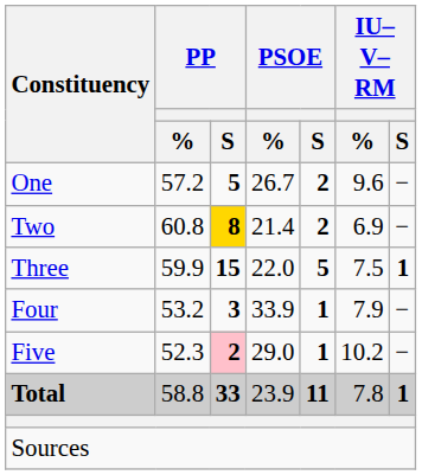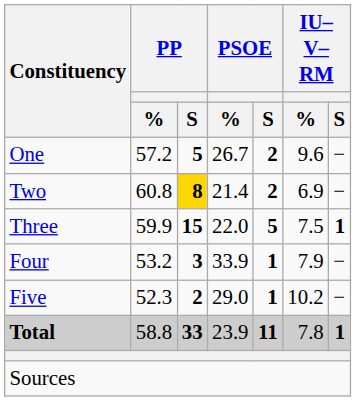 <table class="wikitable sortable" style="text-align:right; line-height:20px;">
 <tr>
 <th rowspan="3">Constituency</th>
 <th colspan="2" width="30px" class="unsortable"><a href='#'>PP</a></th>
 <th colspan="2" width="30px" class="unsortable"><a href='#'>PSOE</a></th>
 <th colspan="2" width="30px" class="unsortable"><a href='#'>IU–V–RM</a></th>
 </tr>
 <tr>
 <th colspan="2" style="background:"></th>
 <th colspan="2" style="background:"></th>
 <th colspan="2" style="background:"></th>
 </tr>
 <tr>
 <th data-sort-type="number">%</th>
 <th data-sort-type="number">S</th>
 <th data-sort-type="number">%</th>
 <th data-sort-type="number">S</th>
 <th data-sort-type="number">%</th>
 <th data-sort-type="number">S</th>
 </tr>
 <tr>
 <td align="left"><a href='#'>One</a></td>
 <td style="background:">57.2</td>
 <td><strong>5</strong></td>
 <td>26.7</td>
 <td><strong>2</strong></td>
 <td>9.6</td>
 <td>−</td>
 </tr>
 <tr>
 <td align="left"><a href='#'>Two</a></td>
 <td style="background:">60.8</td>
 <td style="background: gold;"><strong>8</strong></td>
 <td>21.4</td>
 <td><strong>2</strong></td>
 <td>6.9</td>
 <td>−</td>
 </tr>
 <tr>
 <td align="left"><a href='#'>Three</a></td>
 <td style="background:">59.9</td>
 <td><strong>15</strong></td>
 <td>22.0</td>
 <td><strong>5</strong></td>
 <td>7.5</td>
 <td><strong>1</strong></td>
 </tr>
 <tr>
 <td align="left"><a href='#'>Four</a></td>
 <td style="background:">53.2</td>
 <td><strong>3</strong></td>
 <td>33.9</td>
 <td><strong>1</strong></td>
 <td>7.9</td>
 <td>−</td>
 </tr>
 <tr>
 <td align="left"><a href='#'>Five</a></td>
 <td style="background:">52.3</td>
-<td style="background: pink;"><strong>2</strong></td>
+<td><strong>2</strong></td>
 <td>29.0</td>
 <td><strong>1</strong></td>
 <td>10.2</td>
 <td>−</td>
 </tr>
 <tr style="background:#CDCDCD;">
 <td align="left"><strong>Total</strong></td>
 <td style="background:">58.8</td>
 <td><strong>33</strong></td>
 <td>23.9</td>
 <td><strong>11</strong></td>
 <td>7.8</td>
 <td><strong>1</strong></td>
 </tr>
 <tr>
 <th colspan="7" bgcolor="#E9E9E9"></th>
 </tr>
 <tr>
 <th style="text-align:left; font-weight:normal; background:#F9F9F9" colspan="7">Sources</th>
 </tr>
 </table>
